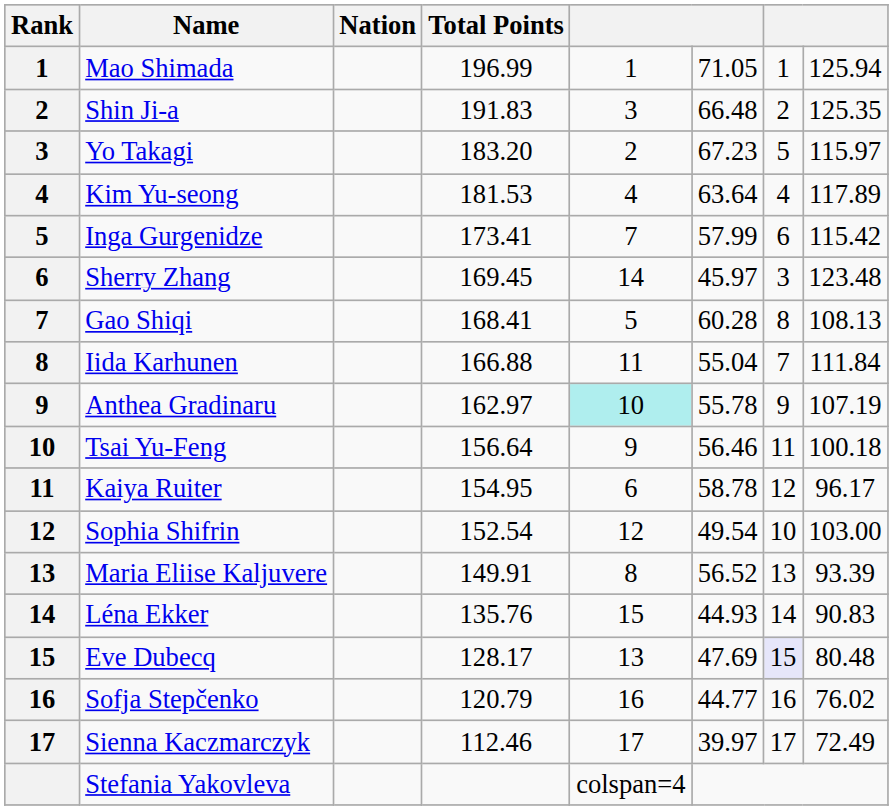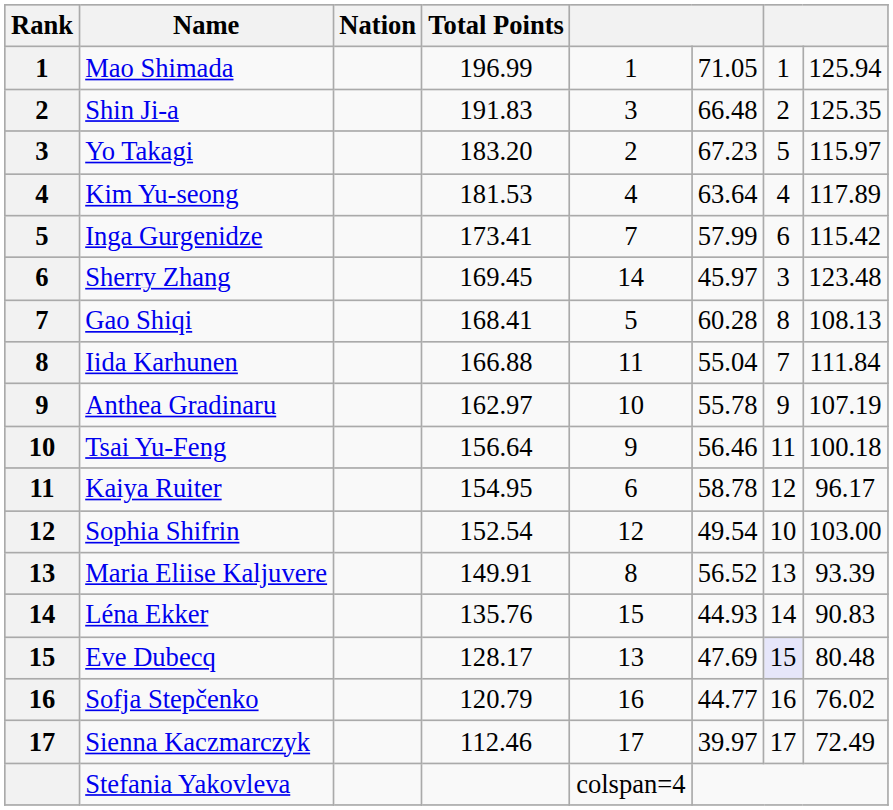 <table class="wikitable sortable" style="text-align:center">
 <tr>
 <th>Rank</th>
 <th>Name</th>
 <th>Nation</th>
 <th>Total Points</th>
 <th colspan=2></th>
 <th colspan=2></th>
 </tr>
 <tr>
 <th>1</th>
 <td align="left"><a href='#'>Mao Shimada</a></td>
 <td align="left"></td>
 <td>196.99</td>
 <td>1</td>
 <td>71.05</td>
 <td>1</td>
 <td>125.94</td>
 </tr>
 <tr>
 <th>2</th>
 <td align="left"><a href='#'>Shin Ji-a</a></td>
 <td align="left"></td>
 <td>191.83</td>
 <td>3</td>
 <td>66.48</td>
 <td>2</td>
 <td>125.35</td>
 </tr>
 <tr>
 <th>3</th>
 <td align="left"><a href='#'>Yo Takagi</a></td>
 <td align="left"></td>
 <td>183.20</td>
 <td>2</td>
 <td>67.23</td>
 <td>5</td>
 <td>115.97</td>
 </tr>
 <tr>
 <th>4</th>
 <td align="left"><a href='#'>Kim Yu-seong</a></td>
 <td align="left"></td>
 <td>181.53</td>
 <td>4</td>
 <td>63.64</td>
 <td>4</td>
 <td>117.89</td>
 </tr>
 <tr>
 <th>5</th>
 <td align="left"><a href='#'>Inga Gurgenidze</a></td>
 <td align="left"></td>
 <td>173.41</td>
 <td>7</td>
 <td>57.99</td>
 <td>6</td>
 <td>115.42</td>
 </tr>
 <tr>
 <th>6</th>
 <td align="left"><a href='#'>Sherry Zhang</a></td>
 <td align="left"></td>
 <td>169.45</td>
 <td>14</td>
 <td>45.97</td>
 <td>3</td>
 <td>123.48</td>
 </tr>
 <tr>
 <th>7</th>
 <td align="left"><a href='#'>Gao Shiqi</a></td>
 <td align="left"></td>
 <td>168.41</td>
 <td>5</td>
 <td>60.28</td>
 <td>8</td>
 <td>108.13</td>
 </tr>
 <tr>
 <th>8</th>
 <td align="left"><a href='#'>Iida Karhunen</a></td>
 <td align="left"></td>
 <td>166.88</td>
 <td>11</td>
 <td>55.04</td>
 <td>7</td>
 <td>111.84</td>
 </tr>
 <tr>
 <th>9</th>
 <td align="left"><a href='#'>Anthea Gradinaru</a></td>
 <td align="left"></td>
 <td>162.97</td>
-<td style="background: paleturquoise;">10</td>
+<td>10</td>
 <td>55.78</td>
 <td>9</td>
 <td>107.19</td>
 </tr>
 <tr>
 <th>10</th>
 <td align="left"><a href='#'>Tsai Yu-Feng</a></td>
 <td align="left"></td>
 <td>156.64</td>
 <td>9</td>
 <td>56.46</td>
 <td>11</td>
 <td>100.18</td>
 </tr>
 <tr>
 <th>11</th>
 <td align="left"><a href='#'>Kaiya Ruiter</a></td>
 <td align="left"></td>
 <td>154.95</td>
 <td>6</td>
 <td>58.78</td>
 <td>12</td>
 <td>96.17</td>
 </tr>
 <tr>
 <th>12</th>
 <td align="left"><a href='#'>Sophia Shifrin</a></td>
 <td align="left"></td>
 <td>152.54</td>
 <td>12</td>
 <td>49.54</td>
 <td>10</td>
 <td>103.00</td>
 </tr>
 <tr>
 <th>13</th>
 <td align="left"><a href='#'>Maria Eliise Kaljuvere</a></td>
 <td align="left"></td>
 <td>149.91</td>
 <td>8</td>
 <td>56.52</td>
 <td>13</td>
 <td>93.39</td>
 </tr>
 <tr>
 <th>14</th>
 <td align="left"><a href='#'>Léna Ekker</a></td>
 <td align="left"></td>
 <td>135.76</td>
 <td>15</td>
 <td>44.93</td>
 <td>14</td>
 <td>90.83</td>
 </tr>
 <tr>
 <th>15</th>
 <td align="left"><a href='#'>Eve Dubecq</a></td>
 <td align="left"></td>
 <td>128.17</td>
 <td>13</td>
 <td>47.69</td>
 <td style="background: lavender;">15</td>
 <td>80.48</td>
 </tr>
 <tr>
 <th>16</th>
 <td align="left"><a href='#'>Sofja Stepčenko</a></td>
 <td align="left"></td>
 <td>120.79</td>
 <td>16</td>
 <td>44.77</td>
 <td>16</td>
 <td>76.02</td>
 </tr>
 <tr>
 <th>17</th>
 <td align="left"><a href='#'>Sienna Kaczmarczyk</a></td>
 <td align="left"></td>
 <td>112.46</td>
 <td>17</td>
 <td>39.97</td>
 <td>17</td>
 <td>72.49</td>
 </tr>
 <tr>
 <th></th>
 <td align="left"><a href='#'>Stefania Yakovleva</a></td>
 <td align="left"></td>
 <td></td>
 <td>colspan=4 </td>
 </tr>
 </table>
